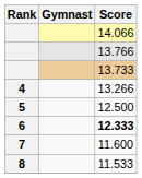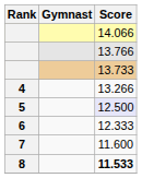 <table class="wikitable sortable" style="text-align:center; font-size:95%">
 <tr>
 <th scope=col>Rank</th>
 <th scope=col>Gymnast</th>
 <th scope=col>Score</th>
 </tr>
 <tr bgcolor=fffcaf>
 <th scope=row style="text-align:center"></th>
 <td align=left></td>
 <td>14.066</td>
 </tr>
 <tr bgcolor=e5e5e5>
 <th scope=row style="text-align:center"></th>
 <td align=left></td>
 <td>13.766</td>
 </tr>
 <tr bgcolor=eecc99>
 <th scope=row style="text-align:center"></th>
 <td align=left></td>
 <td>13.733</td>
 </tr>
 <tr>
 <th>4</th>
 <td align=left></td>
 <td>13.266</td>
 </tr>
 <tr>
 <th>5</th>
 <td align=left></td>
-<td>12.500</td>
+<td style="background: lavender;">12.500</td>
 </tr>
 <tr>
 <th>6</th>
 <td align=left></td>
-<td><strong>12.333</strong></td>
+<td>12.333</td>
 </tr>
 <tr>
 <th>7</th>
 <td align=left></td>
 <td>11.600</td>
 </tr>
 <tr>
 <th>8</th>
 <td align=left></td>
-<td>11.533</td>
+<td><strong>11.533</strong></td>
 </tr>
 <tr>
 </tr>
 </table>
